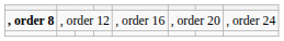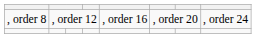 <table class=wikitable>
 <tr>
 <th></th>
 <th colspan=2></th>
 <th></th>
 <th></th>
 <th></th>
 <th></th>
 <th></th>
 </tr>
 <tr align=center>
-<td><strong>, order 8</strong></td>
+<td>, order 8</td>
 <td colspan=3>, order 12</td>
 <td>, order 16</td>
 <td colspan=2>, order 20</td>
 <td>, order 24</td>
 </tr>
 <tr>
 <td></td>
 <td></td>
 <td></td>
 <td></td>
 <td></td>
 <td></td>
 <td></td>
 <td></td>
 </tr>
 </table>
